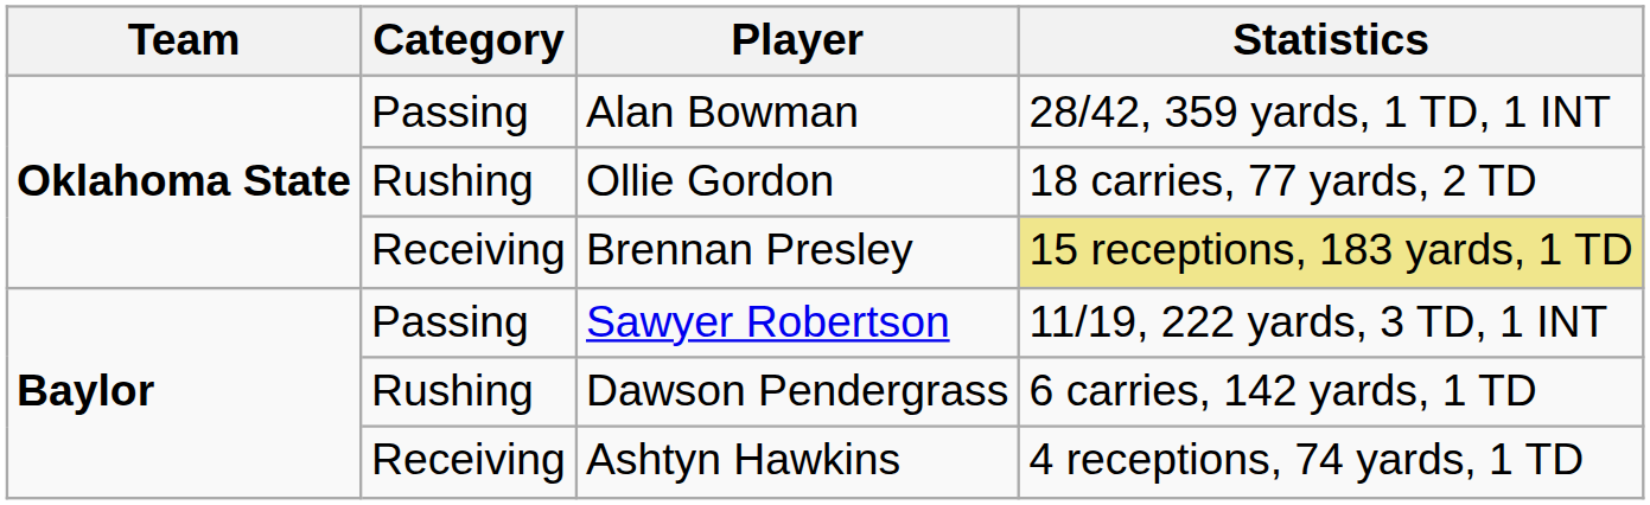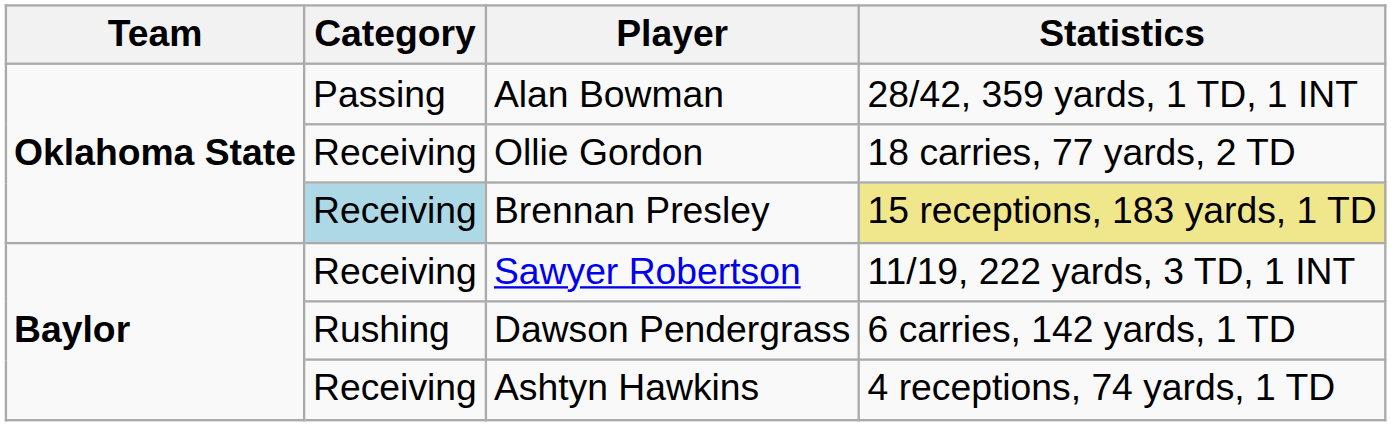 <table class="wikitable" style="float: right;">
 <tr>
 <th>Team</th>
 <th>Category</th>
 <th>Player</th>
 <th>Statistics</th>
 </tr>
 <tr>
 <td rowspan=3><strong>Oklahoma State</strong></td>
 <td>Passing</td>
 <td>Alan Bowman</td>
 <td>28/42, 359 yards, 1 TD, 1 INT</td>
 </tr>
 <tr>
-<td>Rushing</td>
+<td>Receiving</td>
 <td>Ollie Gordon</td>
 <td>18 carries, 77 yards, 2 TD</td>
 </tr>
 <tr>
-<td>Receiving</td>
+<td style="background: lightblue;">Receiving</td>
 <td>Brennan Presley</td>
 <td style="background: khaki;">15 receptions, 183 yards, 1 TD</td>
 </tr>
 <tr>
 <td rowspan=3><strong>Baylor</strong></td>
-<td>Passing</td>
+<td>Receiving</td>
 <td><a href='#'>Sawyer Robertson</a></td>
 <td>11/19, 222 yards, 3 TD, 1 INT</td>
 </tr>
 <tr>
 <td>Rushing</td>
 <td>Dawson Pendergrass</td>
 <td>6 carries, 142 yards, 1 TD</td>
 </tr>
 <tr>
 <td>Receiving</td>
 <td>Ashtyn Hawkins</td>
 <td>4 receptions, 74 yards, 1 TD</td>
 </tr>
 </table>
